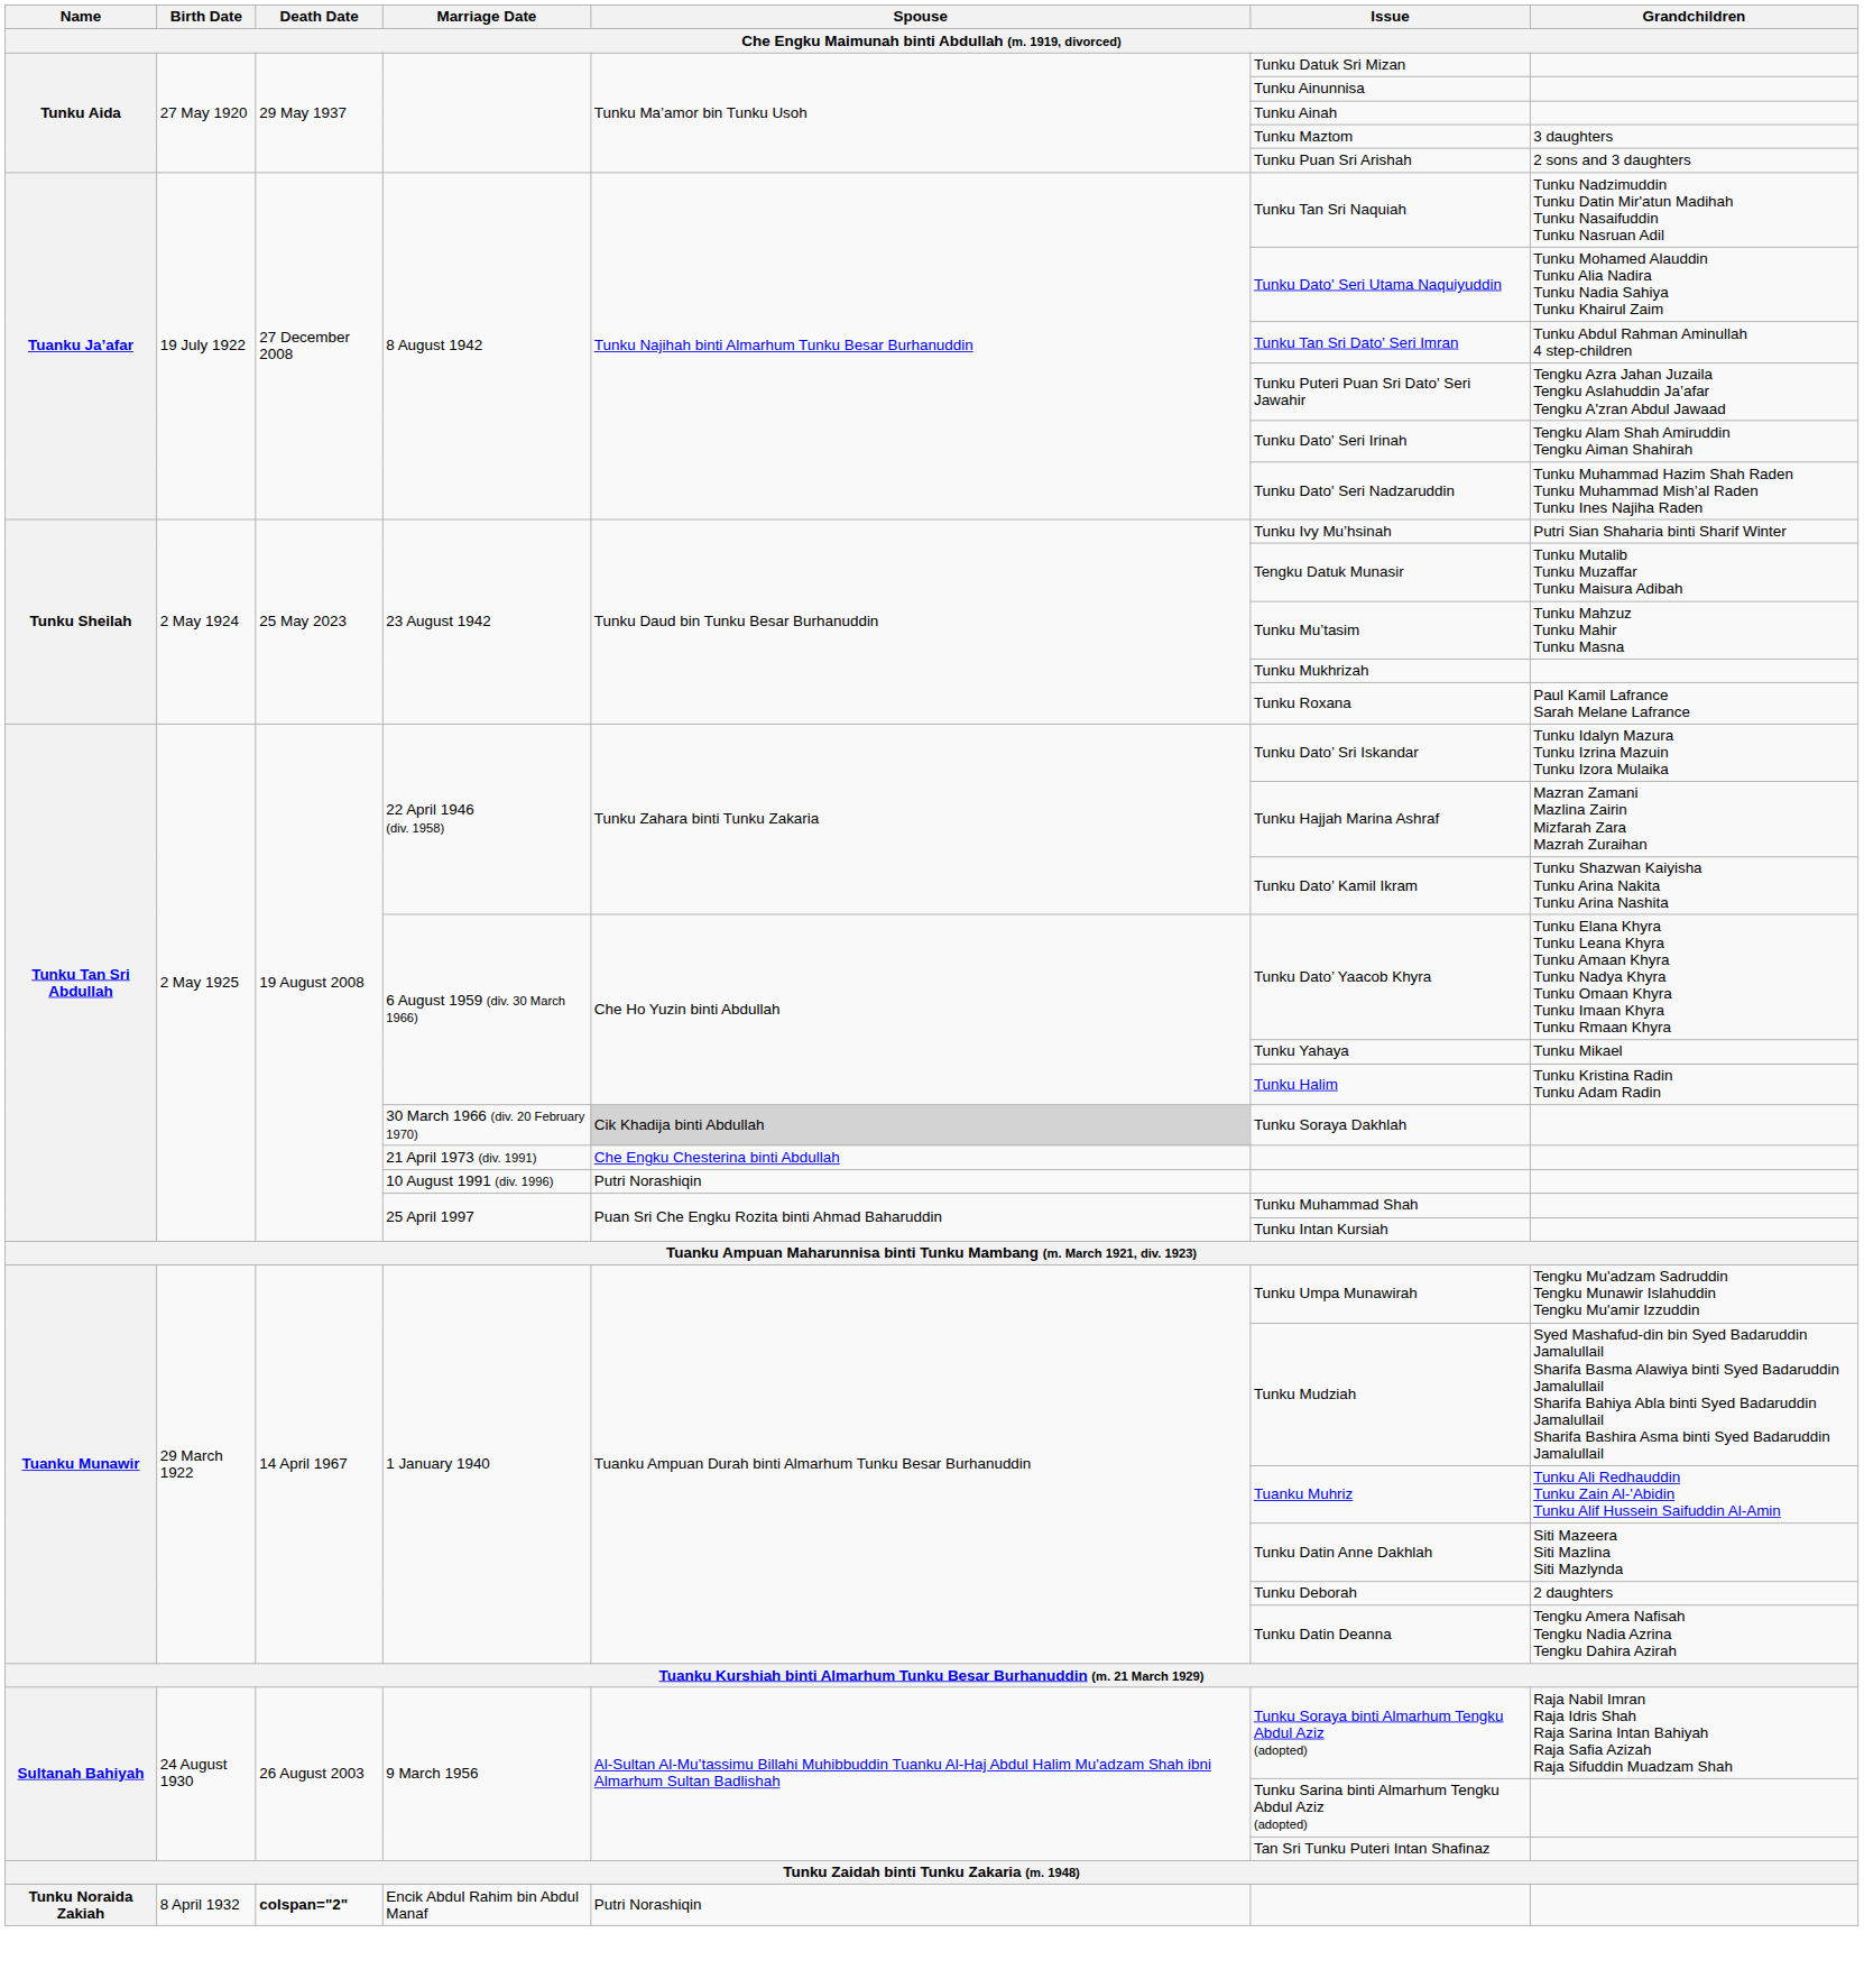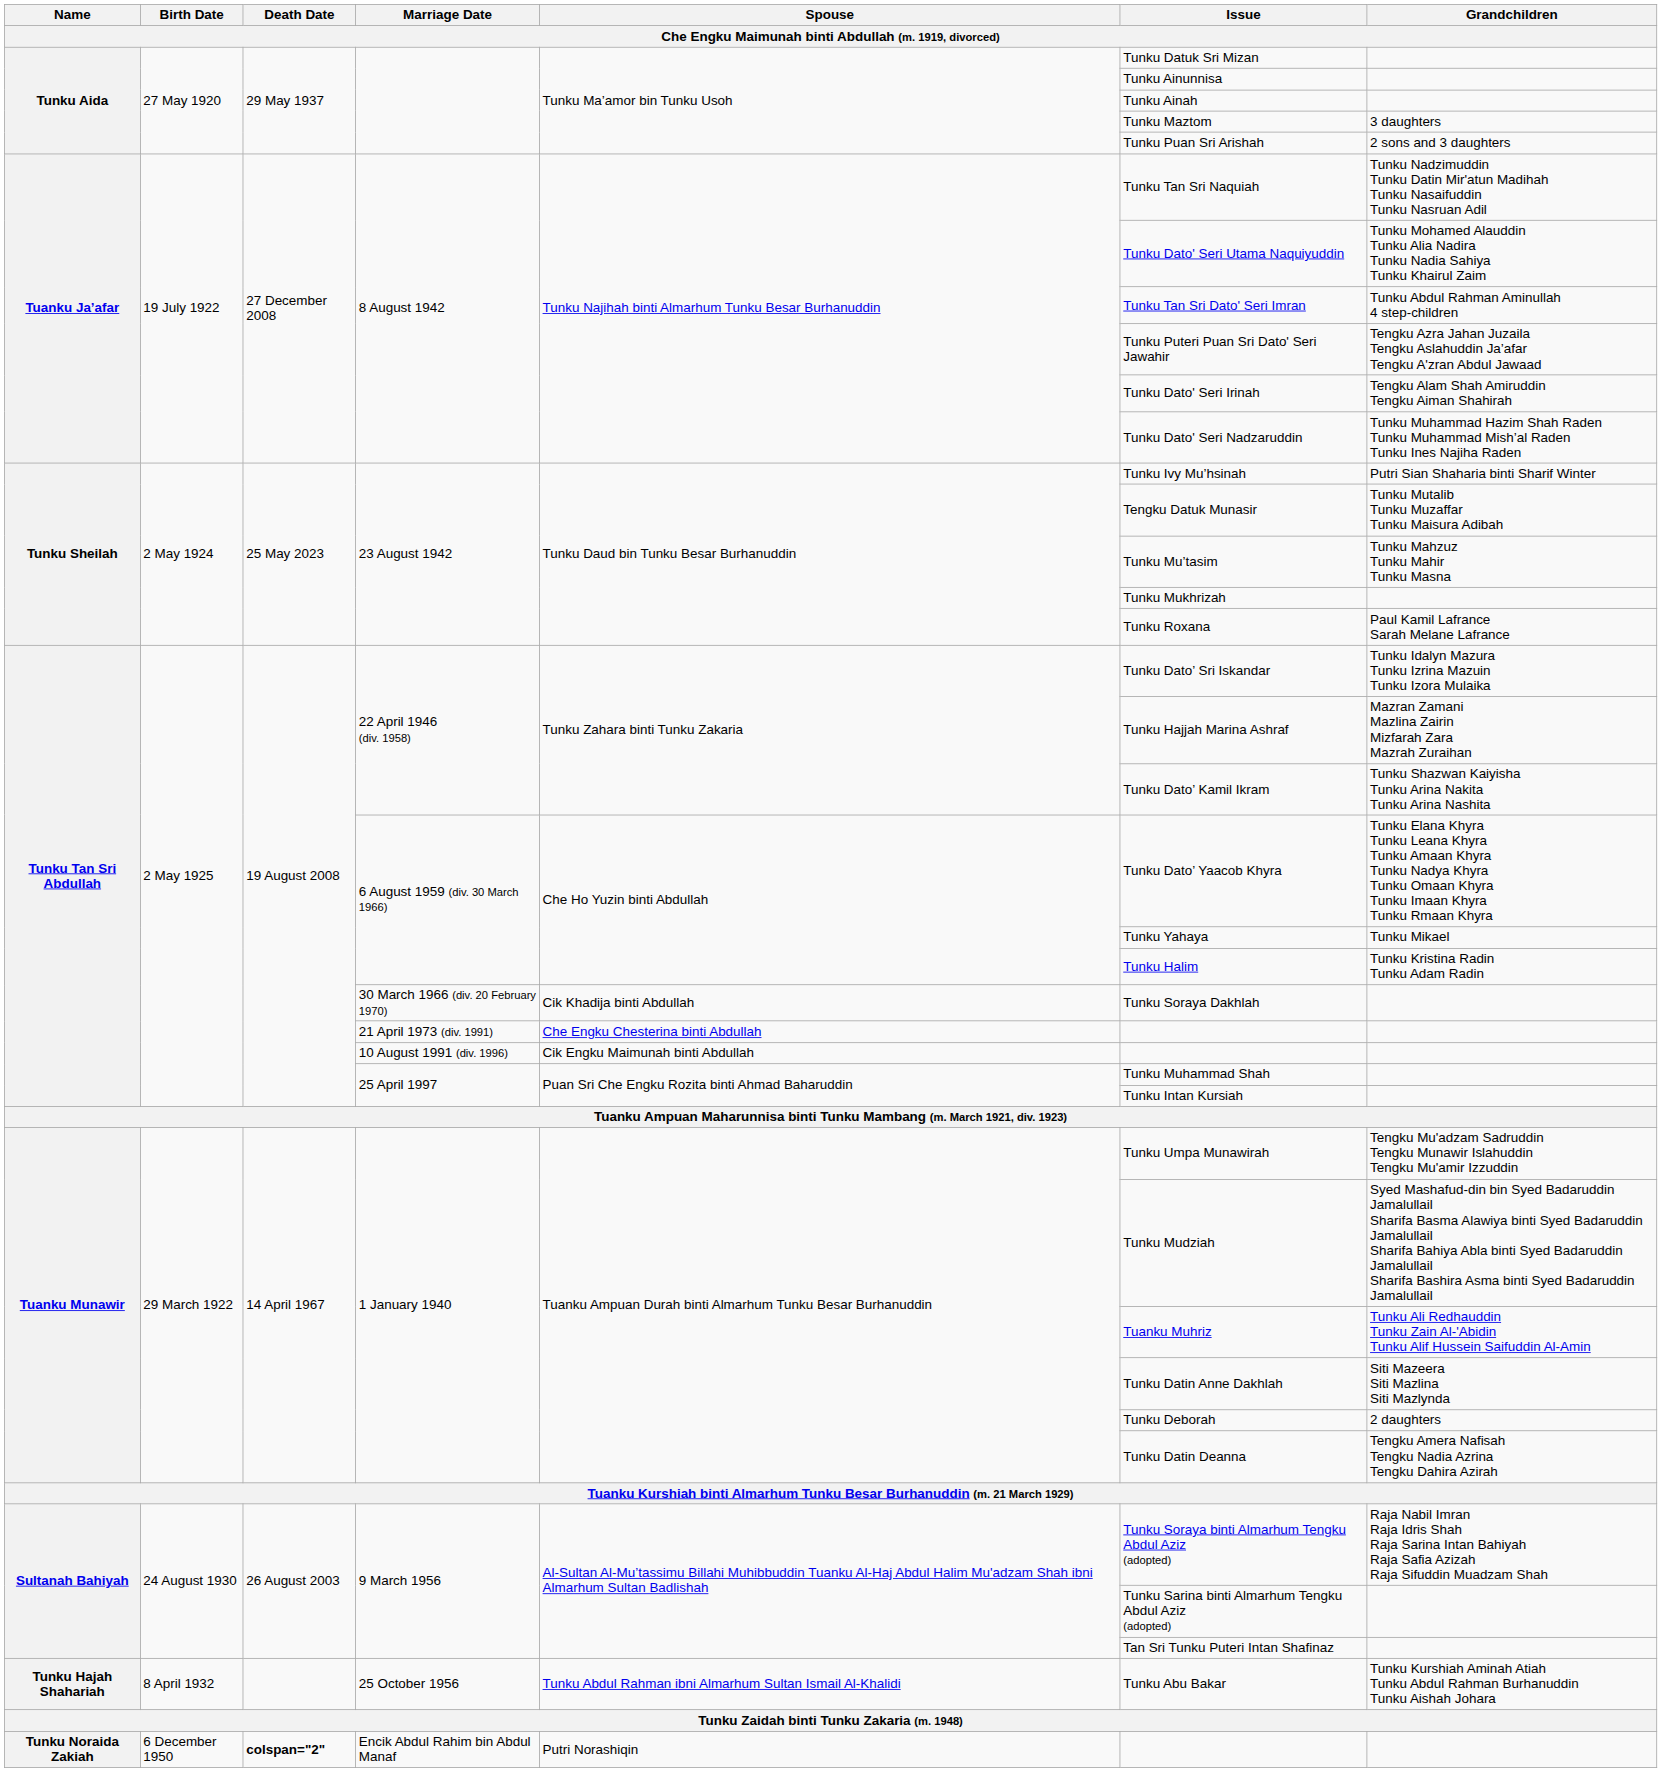 <table class="wikitable">
 <tr>
 <th>Name</th>
 <th>Birth Date</th>
 <th>Death Date</th>
 <th>Marriage Date</th>
 <th>Spouse</th>
 <th !colspan="2">Issue</th>
 <th>Grandchildren</th>
 </tr>
 <tr>
 <th colspan="7" align="center">Che Engku Maimunah binti Abdullah <small>(m. 1919, divorced)</small></th>
 </tr>
 <tr>
 <th rowspan="5" scope="row">Tunku Aida</th>
 <td rowspan="5">27 May 1920</td>
 <td rowspan="5">29 May 1937</td>
 <td rowspan="5"></td>
 <td rowspan="5">Tunku Ma’amor bin Tunku Usoh</td>
 <td>Tunku Datuk Sri Mizan</td>
 <td></td>
 </tr>
 <tr>
 <td>Tunku Ainunnisa</td>
 <td></td>
 </tr>
 <tr>
 <td>Tunku Ainah</td>
 <td></td>
 </tr>
 <tr>
 <td>Tunku Maztom</td>
 <td>3 daughters</td>
 </tr>
 <tr>
 <td>Tunku Puan Sri Arishah</td>
 <td>2 sons and 3 daughters</td>
 </tr>
 <tr>
 <th rowspan="6" scope="row"><a href='#'>Tuanku Ja’afar</a></th>
 <td rowspan="6">19 July 1922</td>
 <td rowspan="6">27 December 2008</td>
 <td rowspan="6">8 August 1942</td>
 <td rowspan="6"><a href='#'>Tunku Najihah binti Almarhum Tunku Besar Burhanuddin</a></td>
 <td>Tunku Tan Sri Naquiah</td>
 <td>Tunku Nadzimuddin<br>Tunku Datin Mir'atun Madihah<br>Tunku Nasaifuddin<br>Tunku Nasruan Adil</td>
 </tr>
 <tr>
 <td><a href='#'>Tunku Dato' Seri Utama Naquiyuddin</a></td>
 <td>Tunku Mohamed Alauddin<br>Tunku Alia Nadira<br>Tunku Nadia Sahiya<br>Tunku Khairul Zaim</td>
 </tr>
 <tr>
 <td><a href='#'>Tunku Tan Sri Dato' Seri Imran</a></td>
 <td>Tunku Abdul Rahman Aminullah<br>4 step-children</td>
 </tr>
 <tr>
 <td>Tunku Puteri Puan Sri Dato' Seri Jawahir</td>
 <td>Tengku Azra Jahan Juzaila<br>Tengku Aslahuddin Ja’afar<br>Tengku A'zran Abdul Jawaad</td>
 </tr>
 <tr>
 <td>Tunku Dato' Seri Irinah</td>
 <td>Tengku Alam Shah Amiruddin<br>Tengku Aiman Shahirah</td>
 </tr>
 <tr>
 <td>Tunku Dato' Seri Nadzaruddin</td>
 <td>Tunku Muhammad Hazim Shah Raden<br>Tunku Muhammad Mish’al Raden<br>Tunku Ines Najiha Raden</td>
 </tr>
 <tr>
 <th rowspan="5" scope="row">Tunku Sheilah</th>
 <td rowspan="5">2 May 1924</td>
 <td rowspan="5">25 May 2023</td>
 <td rowspan="5">23 August 1942</td>
 <td rowspan="5">Tunku Daud bin Tunku Besar Burhanuddin</td>
 <td>Tunku Ivy Mu’hsinah</td>
 <td>Putri Sian Shaharia binti Sharif Winter</td>
 </tr>
 <tr>
 <td>Tengku Datuk Munasir</td>
 <td>Tunku Mutalib<br>Tunku Muzaffar<br>Tunku Maisura Adibah</td>
 </tr>
 <tr>
 <td>Tunku Mu’tasim</td>
 <td>Tunku Mahzuz<br>Tunku Mahir<br>Tunku Masna</td>
 </tr>
 <tr>
 <td>Tunku Mukhrizah</td>
 <td></td>
 </tr>
 <tr>
 <td>Tunku Roxana</td>
 <td>Paul Kamil Lafrance<br>Sarah Melane Lafrance</td>
 </tr>
 <tr>
 <th rowspan="11" scope="row"><a href='#'>Tunku Tan Sri Abdullah</a></th>
 <td rowspan="11">2 May 1925</td>
 <td rowspan="11">19 August 2008</td>
 <td rowspan="3">22 April 1946<br><small>(div. 1958)</small></td>
 <td rowspan="3">Tunku Zahara binti Tunku Zakaria</td>
 <td>Tunku Dato’ Sri Iskandar</td>
 <td>Tunku Idalyn Mazura<br>Tunku Izrina Mazuin<br>Tunku Izora Mulaika</td>
 </tr>
 <tr>
 <td>Tunku Hajjah Marina Ashraf</td>
 <td>Mazran Zamani<br>Mazlina Zairin<br>Mizfarah Zara<br>Mazrah Zuraihan</td>
 </tr>
 <tr>
 <td>Tunku Dato’ Kamil Ikram</td>
 <td>Tunku Shazwan Kaiyisha<br>Tunku Arina Nakita<br>Tunku Arina Nashita</td>
 </tr>
 <tr>
 <td rowspan="3">6 August 1959 <small>(div. 30 March 1966)</small></td>
 <td rowspan="3">Che Ho Yuzin binti Abdullah</td>
 <td>Tunku Dato’ Yaacob Khyra</td>
 <td>Tunku Elana Khyra<br>Tunku Leana Khyra<br>Tunku Amaan Khyra<br>Tunku Nadya Khyra<br>Tunku Omaan Khyra<br>Tunku Imaan Khyra<br>Tunku Rmaan Khyra</td>
 </tr>
 <tr>
 <td>Tunku Yahaya</td>
 <td>Tunku Mikael</td>
 </tr>
 <tr>
 <td><a href='#'>Tunku Halim</a></td>
 <td>Tunku Kristina Radin<br>Tunku Adam Radin</td>
 </tr>
 <tr>
 <td rowspan="1">30 March 1966 <small>(div. 20 February 1970)</small></td>
-<td rowspan="1" style="background: lightgrey;">Cik Khadija binti Abdullah</td>
+<td rowspan="1">Cik Khadija binti Abdullah</td>
 <td>Tunku Soraya Dakhlah</td>
 <td></td>
 </tr>
 <tr>
 <td rowspan="1">21 April 1973 <small>(div. 1991)</small></td>
 <td rowspan="1"><a href='#'>Che Engku Chesterina binti Abdullah</a></td>
 <td></td>
 <td></td>
 </tr>
 <tr>
 <td rowspan="1">10 August 1991 <small>(div. 1996)</small></td>
-<td>Putri Norashiqin</td>
+<td rowspan="1">Cik Engku Maimunah binti Abdullah</td>
 <td></td>
 <td></td>
 </tr>
 <tr>
 <td rowspan="2">25 April 1997</td>
 <td rowspan="2">Puan Sri Che Engku Rozita binti Ahmad Baharuddin</td>
 <td>Tunku Muhammad Shah</td>
 <td></td>
 </tr>
 <tr>
 <td>Tunku Intan Kursiah</td>
 <td></td>
 </tr>
 <tr>
 <th colspan="7" align="center">Tuanku Ampuan Maharunnisa binti Tunku Mambang <small>(m. March 1921, div. 1923)</small></th>
 </tr>
 <tr>
 <th rowspan="6" scope="row"><a href='#'>Tuanku Munawir</a></th>
 <td rowspan="6">29 March 1922</td>
 <td rowspan="6">14 April 1967</td>
 <td rowspan="6">1 January 1940</td>
 <td rowspan="6">Tuanku Ampuan Durah binti Almarhum Tunku Besar Burhanuddin</td>
 <td>Tunku Umpa Munawirah</td>
 <td>Tengku Mu'adzam Sadruddin<br>Tengku Munawir Islahuddin<br>Tengku Mu'amir Izzuddin</td>
 </tr>
 <tr>
 <td>Tunku Mudziah</td>
 <td>Syed Mashafud-din bin Syed Badaruddin Jamalullail <br>Sharifa Basma Alawiya binti Syed Badaruddin Jamalullail<br>Sharifa Bahiya Abla binti Syed Badaruddin Jamalullail<br>Sharifa Bashira Asma binti Syed Badaruddin Jamalullail</td>
 </tr>
 <tr>
 <td><a href='#'>Tuanku Muhriz</a></td>
 <td><a href='#'>Tunku Ali Redhauddin</a><br><a href='#'>Tunku Zain Al-'Abidin</a><br><a href='#'>Tunku Alif Hussein Saifuddin Al-Amin</a></td>
 </tr>
 <tr>
 <td>Tunku Datin Anne Dakhlah</td>
 <td>Siti Mazeera<br>Siti Mazlina<br>Siti Mazlynda</td>
 </tr>
 <tr>
 <td>Tunku Deborah</td>
 <td>2 daughters</td>
 </tr>
 <tr>
 <td>Tunku Datin Deanna</td>
 <td>Tengku Amera Nafisah<br>Tengku Nadia Azrina<br>Tengku Dahira Azirah</td>
 </tr>
 <tr>
 <th colspan="7" align="center"><a href='#'>Tuanku Kurshiah binti Almarhum Tunku Besar Burhanuddin</a> <small>(m. 21 March 1929)</small></th>
 </tr>
 <tr>
 <th rowspan="3" scope="row"><a href='#'>Sultanah Bahiyah</a></th>
 <td rowspan="3">24 August 1930</td>
 <td rowspan="3">26 August 2003</td>
 <td rowspan="3">9 March 1956</td>
 <td rowspan="3"><a href='#'>Al-Sultan Al-Mu’tassimu Billahi Muhibbuddin Tuanku Al-Haj Abdul Halim Mu'adzam Shah ibni Almarhum Sultan Badlishah</a></td>
 <td><a href='#'>Tunku Soraya binti Almarhum Tengku Abdul Aziz</a><br><small>(adopted)</small></td>
 <td>Raja Nabil Imran<br>Raja Idris Shah<br>Raja Sarina Intan Bahiyah<br>Raja Safia Azizah<br>Raja Sifuddin Muadzam Shah</td>
 </tr>
 <tr>
 <td>Tunku Sarina binti Almarhum Tengku Abdul Aziz<br><small>(adopted)</small></td>
 <td></td>
 </tr>
 <tr>
 <td>Tan Sri Tunku Puteri Intan Shafinaz</td>
 <td></td>
 </tr>
 <tr>
+<th rowspan="1" scope="row">Tunku Hajah Shahariah</th>
+<td rowspan="1">8 April 1932</td>
+<td rowspan="1"></td>
+<td rowspan="1">25 October 1956</td>
+<td rowspan="1"><a href='#'>Tunku Abdul Rahman ibni Almarhum Sultan Ismail Al-Khalidi</a></td>
+<td>Tunku Abu Bakar</td>
+<td>Tunku Kurshiah Aminah Atiah<br>Tunku Abdul Rahman Burhanuddin<br>Tunku Aishah Johara</td>
+</tr>
+<tr>
 <th colspan="7" align="center">Tunku Zaidah binti Tunku Zakaria <small>(m. 1948)</small></th>
 </tr>
 <tr>
 <th rowspan="1" scope="row">Tunku Noraida Zakiah</th>
-<td rowspan="1">8 April 1932</td>
+<td>6 December 1950</td>
 <td><strong>colspan="2" </strong></td>
 <td>Encik Abdul Rahim bin Abdul Manaf</td>
 <td>Putri Norashiqin</td>
 <td></td>
 </tr>
 </table>
